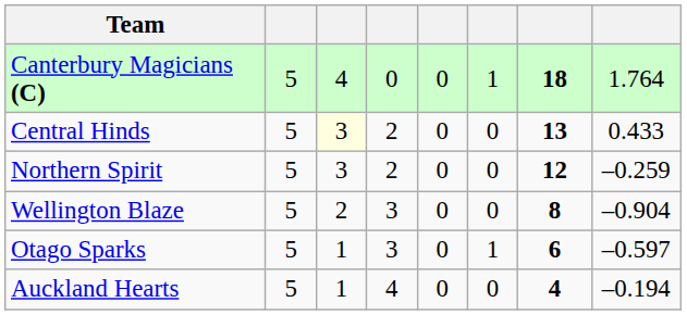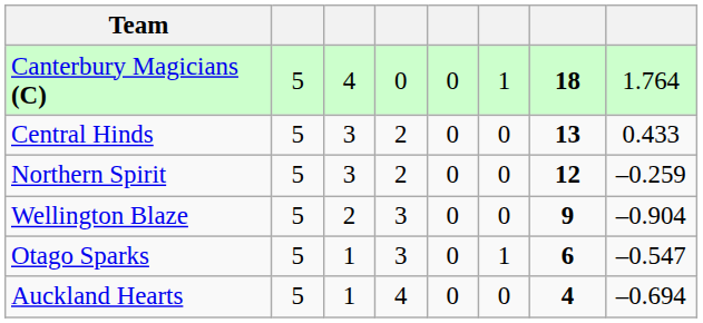 <table class="wikitable" style="text-align:center">
 <tr>
 <th width="160">Team</th>
 <th width="25"></th>
 <th width="25"></th>
 <th width="25"></th>
 <th width="25"></th>
 <th width="25"></th>
 <th width="40"></th>
 <th width="50"></th>
 </tr>
 <tr style="background:#cfc">
 <td style="text-align:left"><a href='#'>Canterbury Magicians</a> <strong>(C)</strong></td>
 <td>5</td>
 <td>4</td>
 <td>0</td>
 <td>0</td>
 <td>1</td>
 <td><strong>18</strong></td>
 <td>1.764</td>
 </tr>
 <tr>
 <td style="text-align:left"><a href='#'>Central Hinds</a></td>
 <td>5</td>
-<td style="background: lightyellow;">3</td>
+<td>3</td>
 <td>2</td>
 <td>0</td>
 <td>0</td>
 <td><strong>13</strong></td>
 <td>0.433</td>
 </tr>
 <tr>
 <td style="text-align:left"><a href='#'>Northern Spirit</a></td>
 <td>5</td>
 <td>3</td>
 <td>2</td>
 <td>0</td>
 <td>0</td>
 <td><strong>12</strong></td>
 <td>–0.259</td>
 </tr>
 <tr>
 <td style="text-align:left"><a href='#'>Wellington Blaze</a></td>
 <td>5</td>
 <td>2</td>
 <td>3</td>
 <td>0</td>
 <td>0</td>
-<td><strong>8</strong></td>
+<td><strong>9</strong></td>
 <td>–0.904</td>
 </tr>
 <tr>
 <td style="text-align:left"><a href='#'>Otago Sparks</a></td>
 <td>5</td>
 <td>1</td>
 <td>3</td>
 <td>0</td>
 <td>1</td>
 <td><strong>6</strong></td>
-<td>–0.597</td>
+<td>–0.547</td>
 </tr>
 <tr>
 <td style="text-align:left"><a href='#'>Auckland Hearts</a></td>
 <td>5</td>
 <td>1</td>
 <td>4</td>
 <td>0</td>
 <td>0</td>
 <td><strong>4</strong></td>
-<td>–0.194</td>
+<td>–0.694</td>
 </tr>
 </table>
